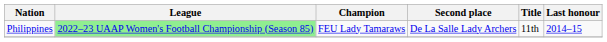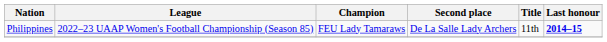 <table class="wikitable sortable">
 <tr>
 <th>Nation</th>
 <th>League</th>
 <th>Champion</th>
 <th>Second place</th>
 <th data-sort-type="number">Title</th>
 <th>Last honour</th>
 </tr>
 <tr>
 <td> <a href='#'>Philippines</a></td>
-<td style="background: lightgreen;"><a href='#'>2022–23 UAAP Women's Football Championship (Season 85)</a></td>
+<td><a href='#'>2022–23 UAAP Women's Football Championship (Season 85)</a></td>
 <td><a href='#'>FEU Lady Tamaraws</a></td>
 <td><a href='#'>De La Salle Lady Archers</a></td>
 <td>11th</td>
-<td><a href='#'>2014–15</a></td>
+<td><strong><a href='#'>2014–15</a></strong></td>
 </tr>
 <tr>
 </tr>
 </table>
